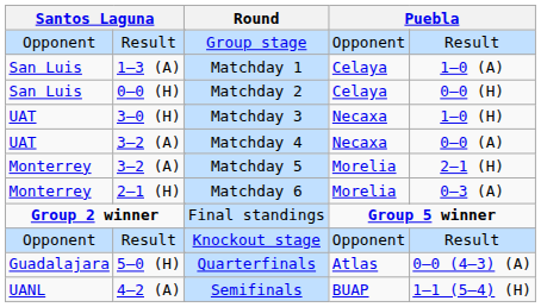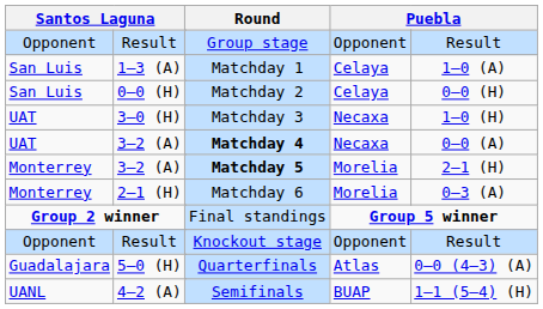 <table class="wikitable" style="text-align:center">
 <tr>
 <th colspan=4><a href='#'>Santos Laguna</a></th>
 <th>Round</th>
 <th colspan=4><a href='#'>Puebla</a></th>
 </tr>
 <tr bgcolor=#c1e0ff>
 <td>Opponent</td>
 <td colspan=3>Result</td>
 <td><a href='#'>Group stage</a></td>
 <td>Opponent</td>
 <td colspan=3>Result</td>
 </tr>
 <tr>
 <td align=left><a href='#'>San Luis</a></td>
 <td colspan=3><a href='#'>1–3</a> (A)</td>
 <td bgcolor=#c1e0ff>Matchday 1</td>
 <td align=left><a href='#'>Celaya</a></td>
 <td colspan=3><a href='#'>1–0</a> (A)</td>
 </tr>
 <tr>
 <td align=left><a href='#'>San Luis</a></td>
 <td colspan=3><a href='#'>0–0</a> (H)</td>
 <td bgcolor=#c1e0ff>Matchday 2</td>
 <td align=left><a href='#'>Celaya</a></td>
 <td colspan=3><a href='#'>0–0</a> (H)</td>
 </tr>
 <tr>
 <td align=left><a href='#'>UAT</a></td>
 <td colspan=3><a href='#'>3–0</a> (H)</td>
 <td bgcolor=#c1e0ff>Matchday 3</td>
 <td align=left><a href='#'>Necaxa</a></td>
 <td colspan=3><a href='#'>1–0</a> (H)</td>
 </tr>
 <tr>
 <td align=left><a href='#'>UAT</a></td>
 <td colspan=3><a href='#'>3–2</a> (A)</td>
-<td bgcolor=#c1e0ff>Matchday 4</td>
+<td bgcolor=#c1e0ff><strong>Matchday 4</strong></td>
 <td align=left><a href='#'>Necaxa</a></td>
 <td colspan=3><a href='#'>0–0</a> (A)</td>
 </tr>
 <tr>
 <td align=left><a href='#'>Monterrey</a></td>
 <td colspan=3><a href='#'>3–2</a> (A)</td>
-<td bgcolor=#c1e0ff>Matchday 5</td>
+<td bgcolor=#c1e0ff><strong>Matchday 5</strong></td>
 <td align=left><a href='#'>Morelia</a></td>
 <td colspan=3><a href='#'>2–1</a> (H)</td>
 </tr>
 <tr>
 <td align=left><a href='#'>Monterrey</a></td>
 <td colspan=3><a href='#'>2–1</a> (H)</td>
 <td bgcolor=#c1e0ff>Matchday 6</td>
 <td align=left><a href='#'>Morelia</a></td>
 <td colspan=3><a href='#'>0–3</a> (A)</td>
 </tr>
 <tr>
 <td colspan=4 valign=top><strong><a href='#'>Group 2</a> winner</strong><br></td>
 <td bgcolor=#c1e0ff>Final standings</td>
 <td colspan=4 valign=top><strong><a href='#'>Group 5</a> winner</strong><br></td>
 </tr>
 <tr bgcolor="#c1e0ff">
 <td>Opponent</td>
 <td colspan=3>Result</td>
 <td><a href='#'>Knockout stage</a></td>
 <td colspan=3>Opponent</td>
 <td>Result</td>
 </tr>
 <tr>
 <td align=left><a href='#'>Guadalajara</a></td>
 <td colspan=3><a href='#'>5–0</a> (H)</td>
 <td bgcolor=#c1e0ff><a href='#'>Quarterfinals</a></td>
 <td align=left><a href='#'>Atlas</a></td>
 <td colspan=3><a href='#'>0–0 (4–3)</a> (A)</td>
 </tr>
 <tr>
 <td align=left><a href='#'>UANL</a></td>
 <td colspan=3><a href='#'>4–2</a> (A)</td>
 <td bgcolor=#c1e0ff><a href='#'>Semifinals</a></td>
 <td align=left><a href='#'>BUAP</a></td>
 <td colspan=3><a href='#'>1–1 (5–4)</a> (H)</td>
 </tr>
 </table>
